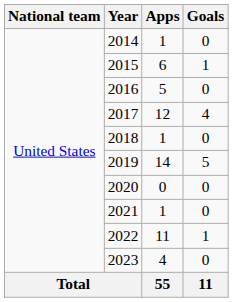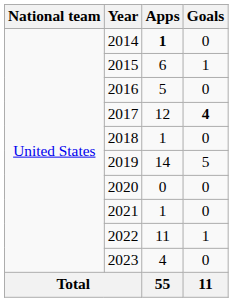 <table class="wikitable" style="text-align:center">
 <tr>
 <th>National team</th>
 <th>Year</th>
 <th>Apps</th>
 <th>Goals</th>
 </tr>
 <tr>
 <td rowspan="10"><a href='#'>United States</a></td>
 <td>2014</td>
-<td>1</td>
+<td><strong>1</strong></td>
 <td>0</td>
 </tr>
 <tr>
 <td>2015</td>
 <td>6</td>
 <td>1</td>
 </tr>
 <tr>
 <td>2016</td>
 <td>5</td>
 <td>0</td>
 </tr>
 <tr>
 <td>2017</td>
 <td>12</td>
-<td>4</td>
+<td><strong>4</strong></td>
 </tr>
 <tr>
 <td>2018</td>
 <td>1</td>
 <td>0</td>
 </tr>
 <tr>
 <td>2019</td>
 <td>14</td>
 <td>5</td>
 </tr>
 <tr>
 <td>2020</td>
 <td>0</td>
 <td>0</td>
 </tr>
 <tr>
 <td>2021</td>
 <td>1</td>
 <td>0</td>
 </tr>
 <tr>
 <td>2022</td>
 <td>11</td>
 <td>1</td>
 </tr>
 <tr>
 <td>2023</td>
 <td>4</td>
 <td>0</td>
 </tr>
 <tr>
 <th colspan="2">Total</th>
 <th>55</th>
 <th>11</th>
 </tr>
 </table>
